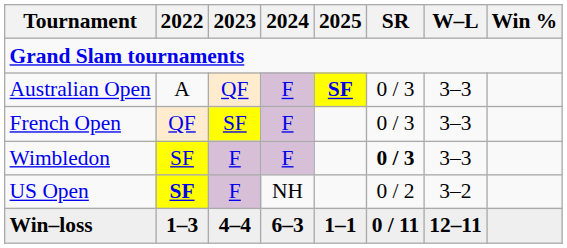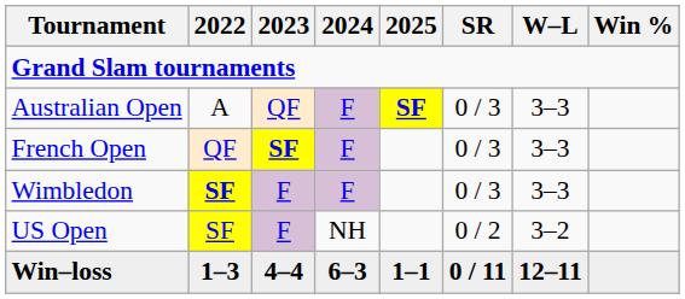 <table class=wikitable style=text-align:center>
 <tr>
 <th>Tournament</th>
 <th>2022</th>
 <th>2023</th>
 <th>2024</th>
 <th>2025</th>
 <th>SR</th>
 <th>W–L</th>
 <th>Win %</th>
 </tr>
 <tr>
 <td style="text-align:left;" colspan="15"><a href='#'><strong>Grand Slam tournaments</strong></a></td>
 </tr>
 <tr>
 <td alight=left><a href='#'>Australian Open</a></td>
 <td>A</td>
 <td bgcolor=ffebcd><a href='#'>QF</a></td>
 <td bgcolor="thistle"><a href='#'>F</a></td>
 <td bgcolor="yellow"><strong><a href='#'>SF</a></strong></td>
 <td>0 / 3</td>
 <td>3–3</td>
 <td></td>
 </tr>
 <tr>
 <td align=left><a href='#'>French Open</a></td>
 <td bgcolor=ffebcd><a href='#'>QF</a></td>
-<td bgcolor="yellow"><a href='#'>SF</a></td>
+<td bgcolor="yellow"><strong><a href='#'>SF</a></strong></td>
 <td bgcolor="thistle"><a href='#'>F</a></td>
 <td></td>
 <td>0 / 3</td>
 <td>3–3</td>
 <td></td>
 </tr>
 <tr>
 <td align=left><a href='#'>Wimbledon</a></td>
-<td bgcolor="yellow"><a href='#'>SF</a></td>
+<td bgcolor="yellow"><strong><a href='#'>SF</a></strong></td>
 <td bgcolor="thistle"><a href='#'>F</a></td>
 <td bgcolor="thistle"><a href='#'>F</a></td>
 <td></td>
-<td><strong>0 / 3</strong></td>
+<td>0 / 3</td>
 <td>3–3</td>
 <td></td>
 </tr>
 <tr>
 <td align=left><a href='#'>US Open</a></td>
-<td bgcolor="yellow"><strong><a href='#'>SF</a></strong></td>
+<td bgcolor="yellow"><a href='#'>SF</a></td>
 <td bgcolor="thistle"><a href='#'>F</a></td>
 <td>NH</td>
 <td></td>
 <td>0 / 2</td>
 <td>3–2</td>
 <td></td>
 </tr>
 <tr style="font-weight:bold; background:#efefef;">
 <td style="text-align:left">Win–loss</td>
 <td>1–3</td>
 <td>4–4</td>
 <td>6–3</td>
 <td>1–1</td>
 <td>0 / 11</td>
 <td>12–11</td>
 <td></td>
 </tr>
 </table>
